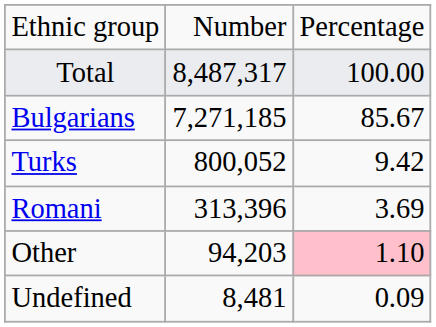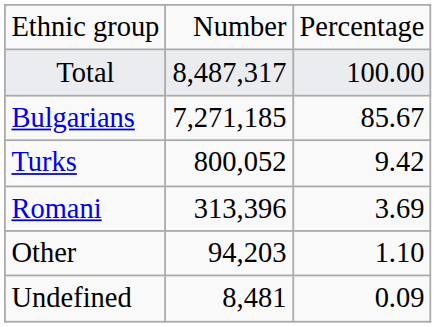 <table class="wikitable sortable" style="text-align:right;">
 <tr>
 <td>Ethnic group</td>
 <td>Number</td>
 <td>Percentage</td>
 </tr>
 <tr bgcolor="#eaecf0" valign="top">
 <td align="center">Total</td>
 <td>8,487,317</td>
 <td>100.00</td>
 </tr>
 <tr>
 <td align="left"><a href='#'>Bulgarians</a></td>
 <td>7,271,185</td>
 <td>85.67</td>
 </tr>
 <tr>
 <td align="left"><a href='#'>Turks</a></td>
 <td>800,052</td>
 <td>9.42</td>
 </tr>
 <tr>
 <td align="left"><a href='#'>Romani</a></td>
 <td>313,396</td>
 <td>3.69</td>
 </tr>
 <tr>
 <td align="left">Other</td>
 <td>94,203</td>
-<td style="background: pink;">1.10</td>
+<td>1.10</td>
 </tr>
 <tr>
 <td align="left">Undefined</td>
 <td>8,481</td>
 <td>0.09</td>
 </tr>
 </table>
